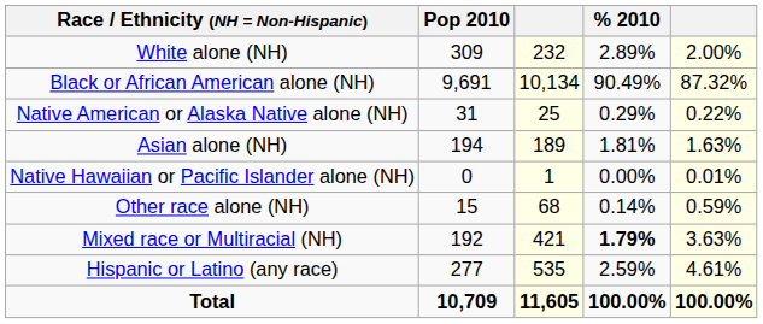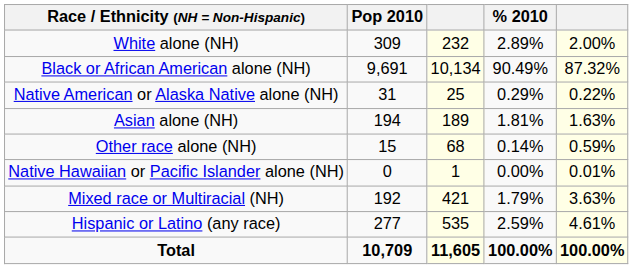 <table class="wikitable" style="text-align:center;">
 <tr>
 <th>Race / Ethnicity <small>(<em>NH = Non-Hispanic</em>)</small></th>
 <th>Pop 2010</th>
 <th></th>
 <th>% 2010</th>
 <th></th>
 </tr>
 <tr>
 <td><a href='#'>White</a> alone (NH)</td>
 <td>309</td>
 <td style='background: #ffffe6;'>232</td>
 <td>2.89%</td>
 <td style='background: #ffffe6;'>2.00%</td>
 </tr>
 <tr>
 <td><a href='#'>Black or African American</a> alone (NH)</td>
 <td>9,691</td>
 <td style='background: #ffffe6;'>10,134</td>
 <td>90.49%</td>
 <td style='background: #ffffe6;'>87.32%</td>
 </tr>
 <tr>
 <td><a href='#'>Native American</a> or <a href='#'>Alaska Native</a> alone (NH)</td>
 <td>31</td>
 <td style='background: #ffffe6;'>25</td>
 <td>0.29%</td>
 <td style='background: #ffffe6;'>0.22%</td>
 </tr>
 <tr>
 <td><a href='#'>Asian</a> alone (NH)</td>
 <td>194</td>
 <td style='background: #ffffe6;'>189</td>
 <td>1.81%</td>
 <td style='background: #ffffe6;'>1.63%</td>
 </tr>
 <tr>
+<td><a href='#'>Other race</a> alone (NH)</td>
+<td>15</td>
+<td style='background: #ffffe6;'>68</td>
+<td>0.14%</td>
+<td style='background: #ffffe6;'>0.59%</td>
+</tr>
+<tr>
 <td><a href='#'>Native Hawaiian</a> or <a href='#'>Pacific Islander</a> alone (NH)</td>
 <td>0</td>
 <td style='background: #ffffe6;'>1</td>
 <td>0.00%</td>
 <td style='background: #ffffe6;'>0.01%</td>
 </tr>
 <tr>
-<td><a href='#'>Other race</a> alone (NH)</td>
-<td>15</td>
-<td style='background: #ffffe6;'>68</td>
-<td>0.14%</td>
-<td style='background: #ffffe6;'>0.59%</td>
-</tr>
-<tr>
 <td><a href='#'>Mixed race or Multiracial</a> (NH)</td>
 <td>192</td>
 <td style='background: #ffffe6;'>421</td>
-<td><strong>1.79%</strong></td>
+<td>1.79%</td>
 <td style='background: #ffffe6;'>3.63%</td>
 </tr>
 <tr>
 <td><a href='#'>Hispanic or Latino</a> (any race)</td>
 <td>277</td>
 <td style='background: #ffffe6;'>535</td>
 <td>2.59%</td>
 <td style='background: #ffffe6;'>4.61%</td>
 </tr>
 <tr>
 <td><strong>Total</strong></td>
 <td><strong>10,709</strong></td>
 <td style='background: #ffffe6;'><strong>11,605</strong></td>
 <td><strong>100.00%</strong></td>
 <td style='background: #ffffe6;'><strong>100.00%</strong></td>
 </tr>
 </table>
